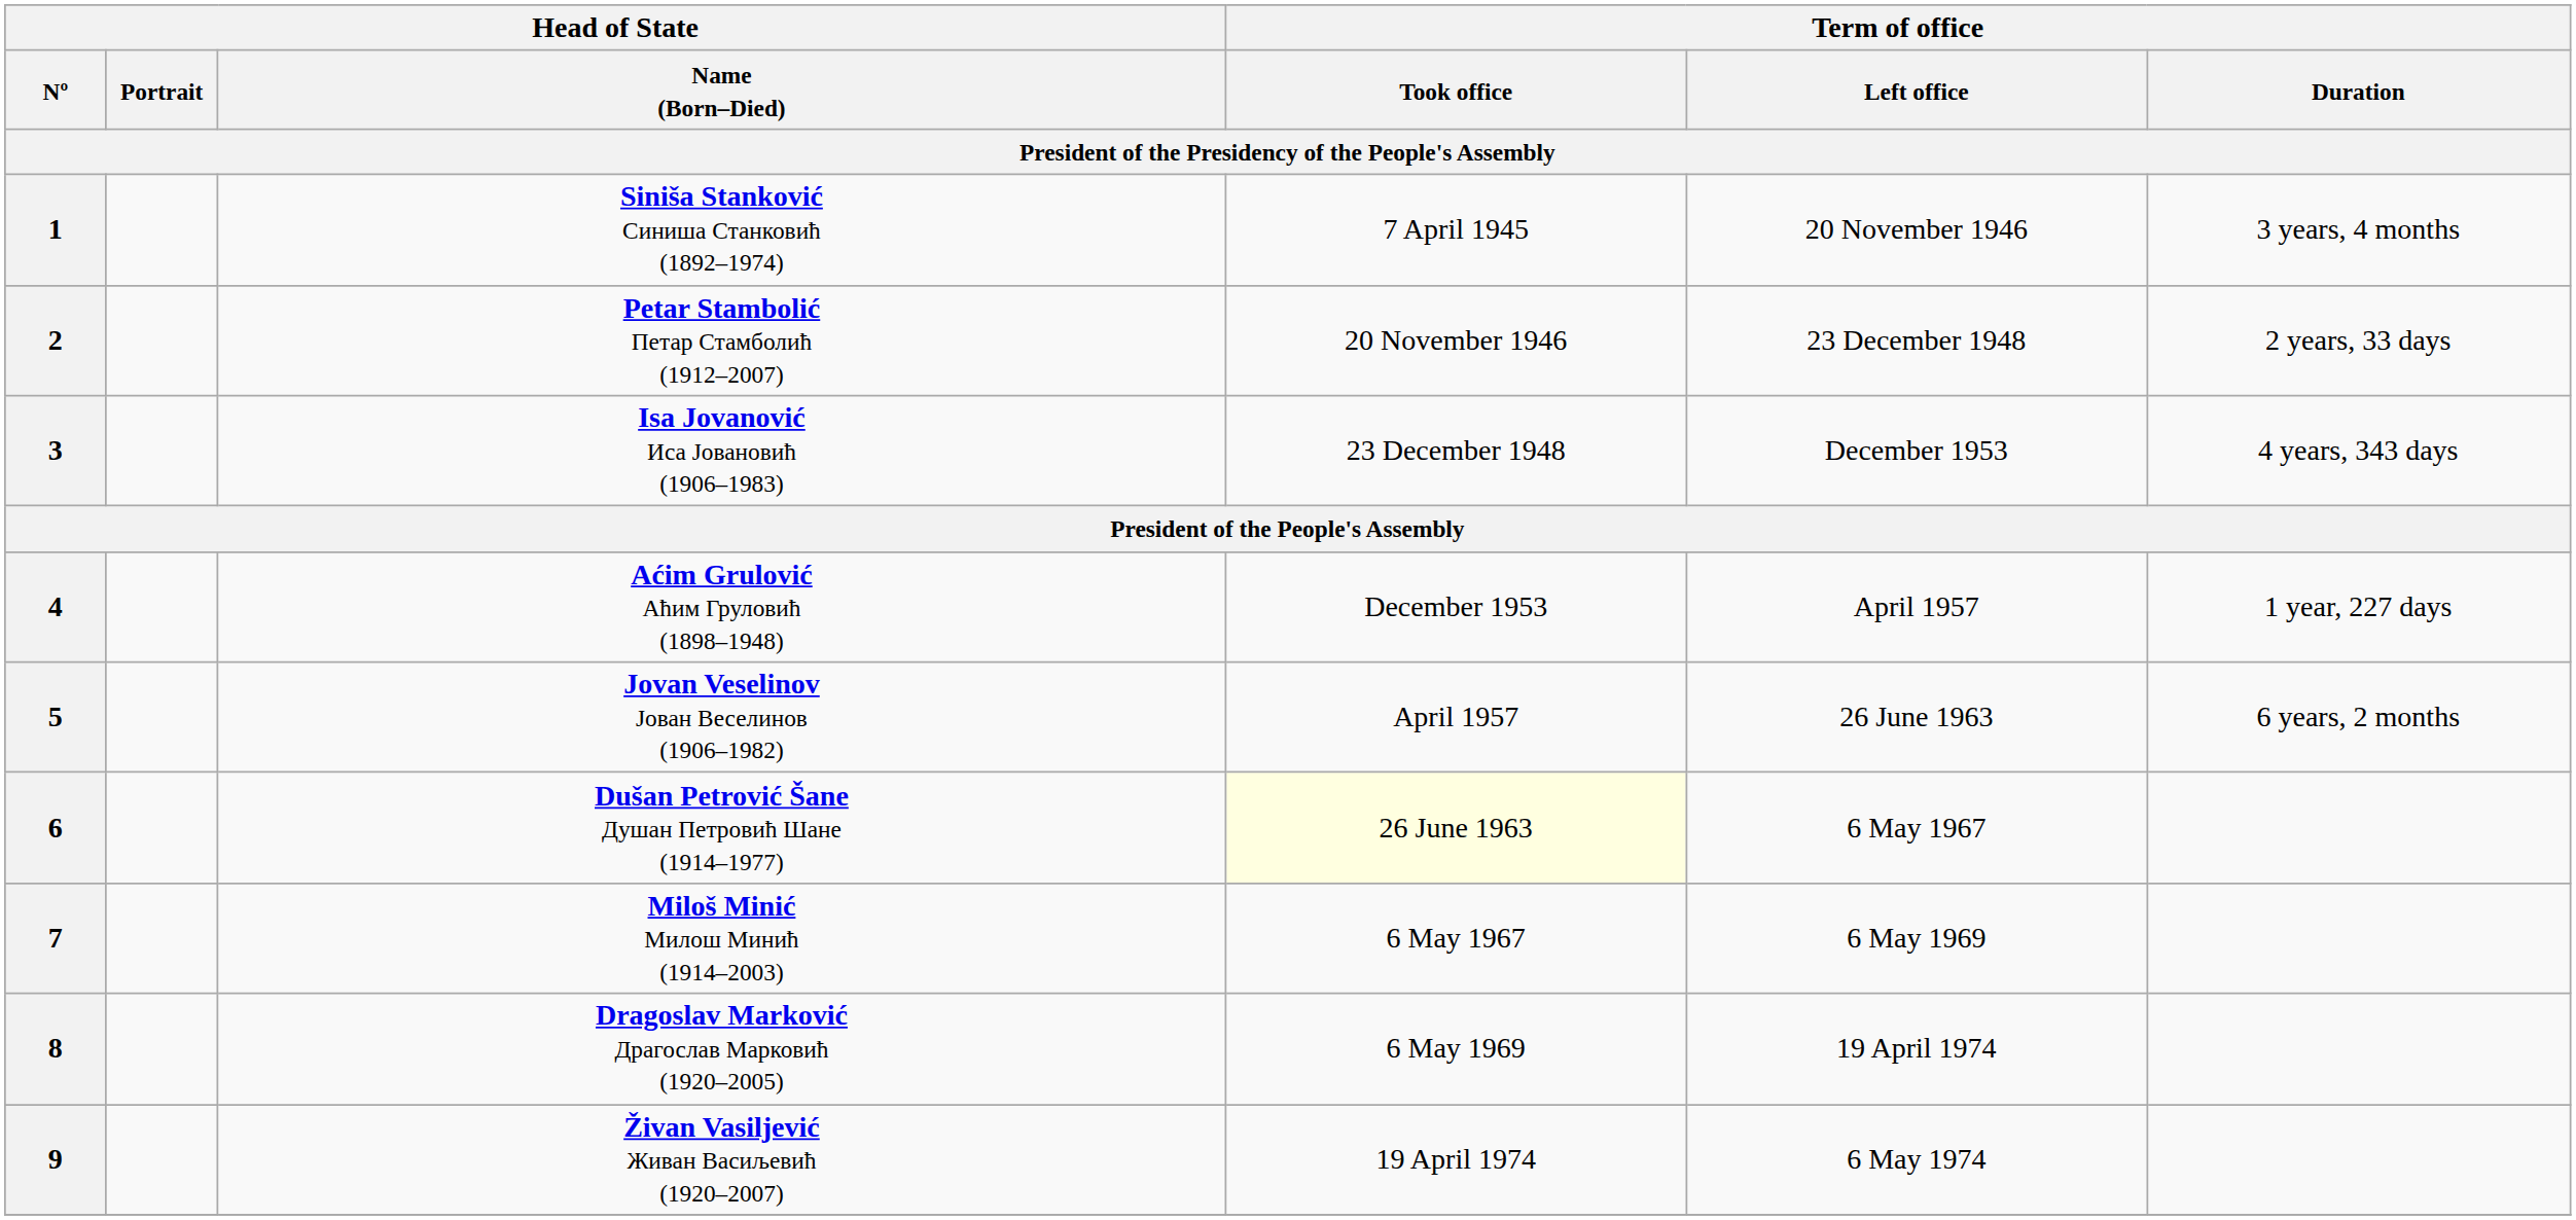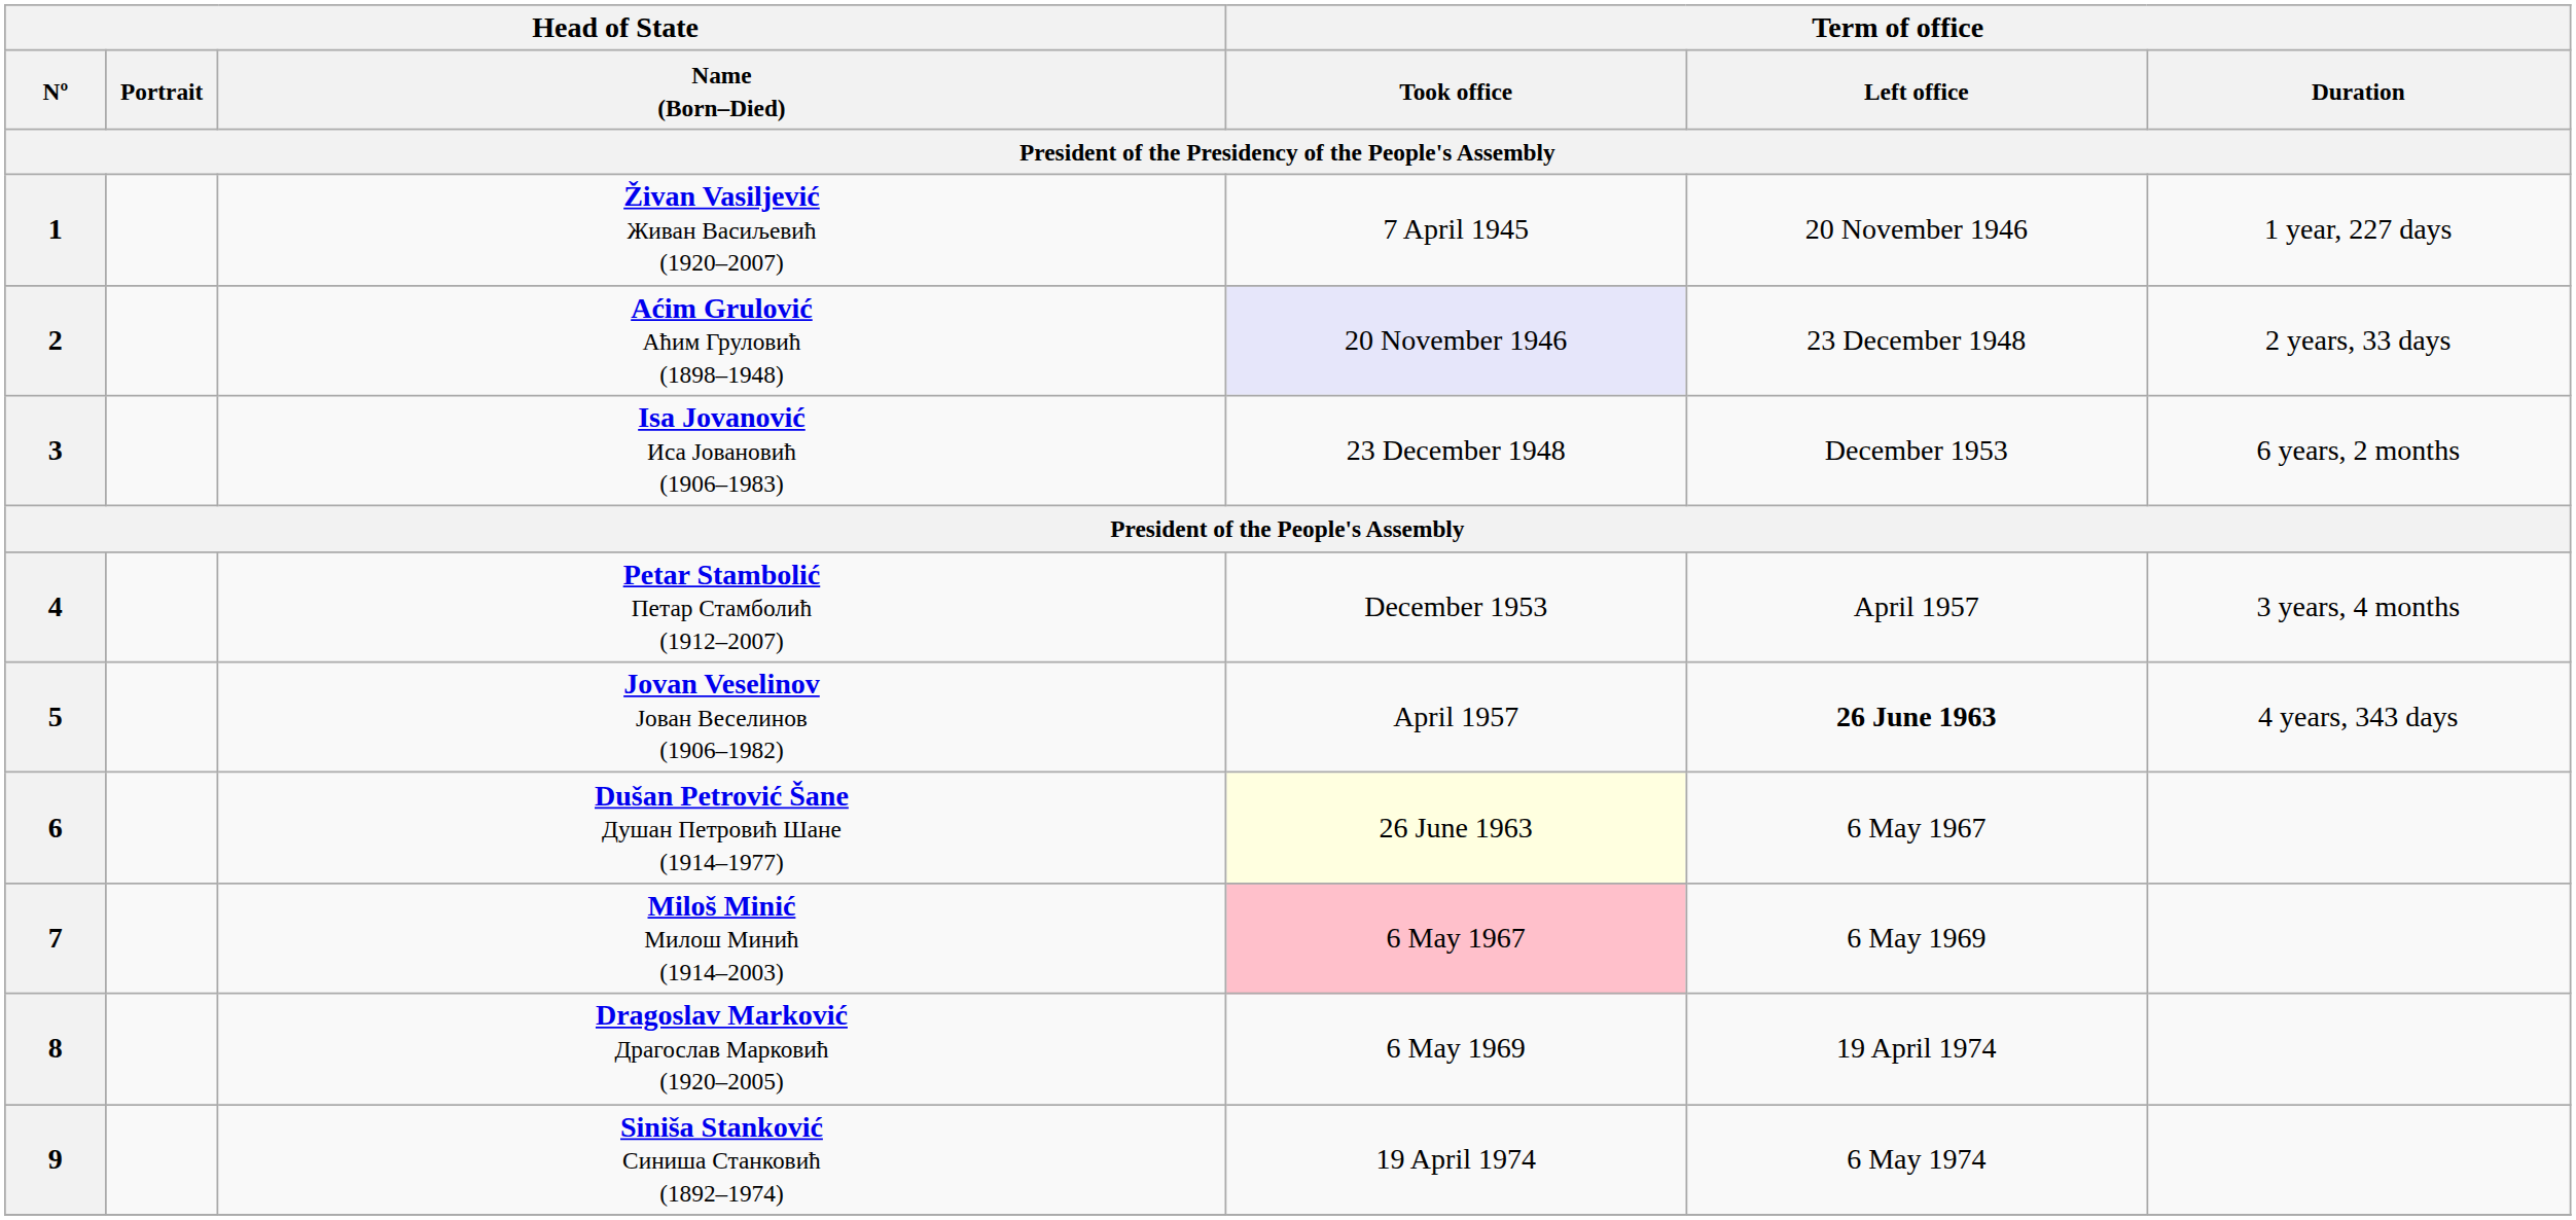 <table class="wikitable" style="text-align:center; width:90%">
 <tr>
 <th width=35% colspan=3>Head of State</th>
 <th width=40% colspan=3>Term of office</th>
 </tr>
 <tr>
 <th width=3%><small>Nº</small></th>
 <th><small>Portrait</small></th>
 <th width=30%><small>Name<br>(Born–Died)</small></th>
 <th><small>Took office</small></th>
 <th><small>Left office</small></th>
 <th><small>Duration</small></th>
 </tr>
 <tr>
 <th colspan=8><small>President of the Presidency of the People's Assembly</small></th>
 </tr>
 <tr>
 <th style="background:">1</th>
 <td></td>
-<td><strong><a href='#'>Siniša Stanković</a></strong><br><small>Синиша Станковић<br>(1892–1974)</small></td>
+<td><strong><a href='#'>Živan Vasiljević</a></strong><br><small>Живан Васиљевић<br>(1920–2007)</small></td>
 <td>7 April 1945</td>
 <td>20 November 1946</td>
-<td>3 years, 4 months</td>
+<td>1 year, 227 days</td>
 </tr>
 <tr>
 <th style="background:">2</th>
 <td></td>
-<td><strong><a href='#'>Petar Stambolić</a></strong><br><small>Петар Стамболић<br>(1912–2007)</small></td>
-<td>20 November 1946</td>
+<td><strong><a href='#'>Aćim Grulović</a></strong><br><small>Аћим Груловић<br>(1898–1948)</small></td>
+<td style="background: lavender;">20 November 1946</td>
 <td>23 December 1948</td>
 <td>2 years, 33 days</td>
 </tr>
 <tr>
 <th style="background:">3</th>
 <td></td>
 <td><strong><a href='#'>Isa Jovanović</a></strong><br><small>Иса Јовановић<br>(1906–1983)</small></td>
 <td>23 December 1948</td>
 <td>December 1953</td>
-<td>4 years, 343 days</td>
+<td>6 years, 2 months</td>
 </tr>
 <tr>
 <th colspan=8><small>President of the People's Assembly</small></th>
 </tr>
 <tr>
 <th style="background:">4</th>
 <td></td>
-<td><strong><a href='#'>Aćim Grulović</a></strong><br><small>Аћим Груловић<br>(1898–1948)</small></td>
+<td><strong><a href='#'>Petar Stambolić</a></strong><br><small>Петар Стамболић<br>(1912–2007)</small></td>
 <td>December 1953</td>
 <td>April 1957</td>
-<td>1 year, 227 days</td>
+<td>3 years, 4 months</td>
 </tr>
 <tr>
 <th style="background:">5</th>
 <td></td>
 <td><strong><a href='#'>Jovan Veselinov</a></strong><br><small>Јован Веселинов<br>(1906–1982)</small></td>
 <td>April 1957</td>
-<td>26 June 1963</td>
-<td>6 years, 2 months</td>
+<td><strong>26 June 1963</strong></td>
+<td>4 years, 343 days</td>
 </tr>
 <tr>
 <th style="background:">6</th>
 <td></td>
 <td><strong><a href='#'>Dušan Petrović Šane</a></strong><br><small>Душан Петровић Шане<br>(1914–1977)</small></td>
 <td style="background: lightyellow;">26 June 1963</td>
 <td>6 May 1967</td>
 <td></td>
 </tr>
 <tr>
 <th style="background:">7</th>
 <td></td>
 <td><strong><a href='#'>Miloš Minić</a></strong><br><small>Милош Минић<br>(1914–2003)</small></td>
-<td>6 May 1967</td>
+<td style="background: pink;">6 May 1967</td>
 <td>6 May 1969</td>
 <td></td>
 </tr>
 <tr>
 <th style="background:">8</th>
 <td></td>
 <td><strong><a href='#'>Dragoslav Marković</a></strong><br><small>Драгослав Марковић<br>(1920–2005)</small></td>
 <td>6 May 1969</td>
 <td>19 April 1974</td>
 <td></td>
 </tr>
 <tr>
 <th style="background:">9</th>
 <td></td>
-<td><strong><a href='#'>Živan Vasiljević</a></strong><br><small>Живан Васиљевић<br>(1920–2007)</small></td>
+<td><strong><a href='#'>Siniša Stanković</a></strong><br><small>Синиша Станковић<br>(1892–1974)</small></td>
 <td>19 April 1974</td>
 <td>6 May 1974</td>
 <td></td>
 </tr>
 <tr>
 </tr>
 </table>
